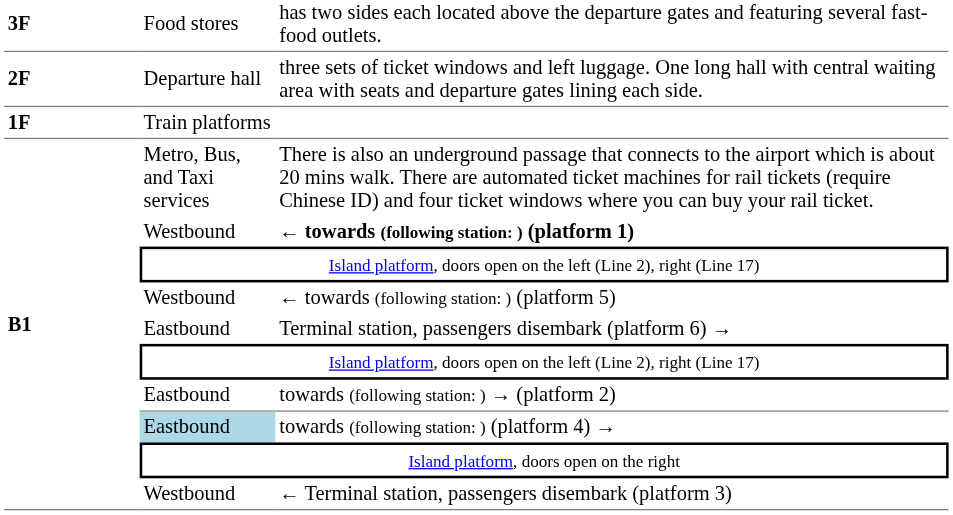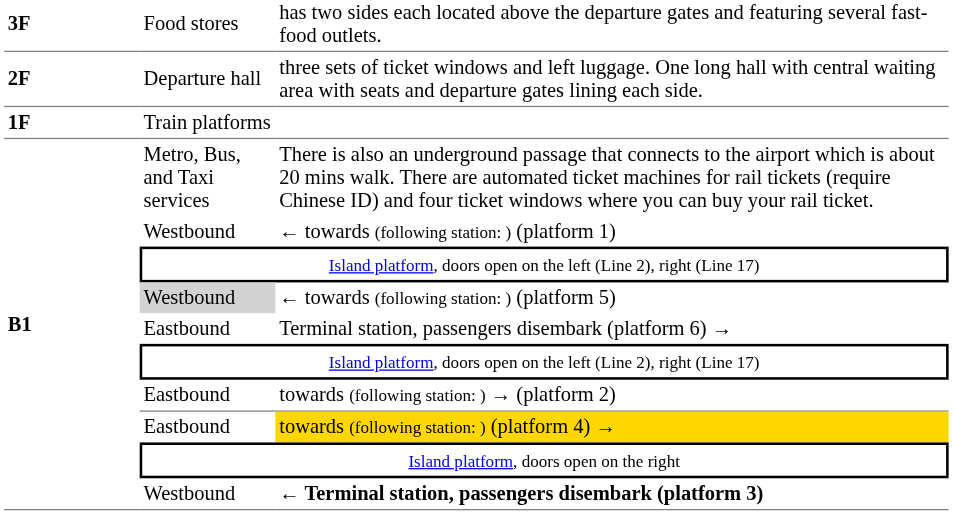 <table cellspacing=0 cellpadding=3>
 <tr>
 <td style="border-bottom:solid 1px gray;"><strong>3F</strong></td>
 <td style="border-bottom:solid 1px gray;">Food stores</td>
 <td style="border-bottom:solid 1px gray;">has two sides each located above the departure gates and featuring several fast-food outlets.</td>
 </tr>
 <tr>
 <td style="border-bottom:solid 1px gray;"><strong>2F</strong></td>
 <td style="border-bottom:solid 1px gray;">Departure hall</td>
 <td style="border-bottom:solid 1px gray;">three sets of ticket windows and left luggage. One long hall with central waiting area with seats and departure gates lining each side.</td>
 </tr>
 <tr>
 <td style="border-bottom:solid 1px gray;"><strong>1F</strong></td>
 <td style="border-bottom:solid 1px gray;">Train platforms</td>
 <td style="border-bottom:solid 1px gray;"></td>
 </tr>
 <tr>
 <td style="border-bottom:solid 1px gray;border-top:solid 0px gray;" rowspan=11 width=100><strong>B1</strong></td>
 <td style="border-bottom:solid 0px gray;">Metro, Bus, and Taxi services</td>
 <td>There is also an underground passage that connects to the airport which is about 20 mins walk. There are automated ticket machines for rail tickets (require Chinese ID) and four ticket windows where you can buy your rail ticket.</td>
 </tr>
 <tr>
 <td style="border-top:solid 0px gray;" width=100>Westbound</td>
-<td style="border-top:solid 0px gray;" width=520><strong>←  towards  <small>(following station: )</small> (platform 1)</strong></td>
+<td style="border-top:solid 0px gray;" width=520>←  towards  <small>(following station: )</small> (platform 1)</td>
 </tr>
 <tr>
 <td style="border-right:solid 2px black;border-left:solid 2px black;border-top:solid 2px black;border-bottom:solid 2px black;text-align:center;" colspan=2><small><a href='#'>Island platform</a>, doors open on the left (Line 2), right (Line 17)</small></td>
 </tr>
 <tr>
-<td style="border-top:solid 0px gray;" width=100>Westbound</td>
+<td style="background: lightgrey; border-top:solid 0px gray;" width=100>Westbound</td>
 <td style="border-top:solid 0px gray;" width=500>←  towards  <small>(following station: )</small> (platform 5)</td>
 </tr>
 <tr>
 <td style="border-top:solid 0px gray;">Eastbound</td>
 <td style="border-top:solid 0px gray;">  Terminal station, passengers disembark (platform 6) →</td>
 </tr>
 <tr>
 <td style="border-right:solid 2px black;border-left:solid 2px black;border-top:solid 2px black;border-bottom:solid 2px black;text-align:center;" colspan=2><small><a href='#'>Island platform</a>, doors open on the left (Line 2), right (Line 17)</small></td>
 </tr>
 <tr>
 <td style="border-top:solid 0px gray;border-bottom:solid 1px gray;">Eastbound</td>
 <td style="border-top:solid 0px gray;border-bottom:solid 1px gray;">  towards  <small>(following station: )</small> → (platform 2)</td>
 </tr>
 <tr>
-<td style="background: lightblue; border-top:solid 0px gray;" width=100>Eastbound</td>
-<td style="border-top:solid 0px gray">  towards  <small>(following station: )</small> (platform 4) →</td>
+<td style="border-top:solid 0px gray;" width=100>Eastbound</td>
+<td style="background: gold; border-top:solid 0px gray">  towards  <small>(following station: )</small> (platform 4) →</td>
 </tr>
 <tr>
 <td style="border-right:solid 2px black;border-left:solid 2px black;border-top:solid 2px black;border-bottom:solid 2px black;text-align:center;" colspan=2><small><a href='#'>Island platform</a>, doors open on the right</small></td>
 </tr>
 <tr>
 <td style="border-top:solid 0px gray;border-bottom:solid 1px gray;">Westbound</td>
-<td style="border-top:solid 0px gray;border-bottom:solid 1px gray;" width=500>←  Terminal station, passengers disembark (platform 3)</td>
+<td style="border-top:solid 0px gray;border-bottom:solid 1px gray;" width=500><strong>←  Terminal station, passengers disembark (platform 3)</strong></td>
 </tr>
 </table>
